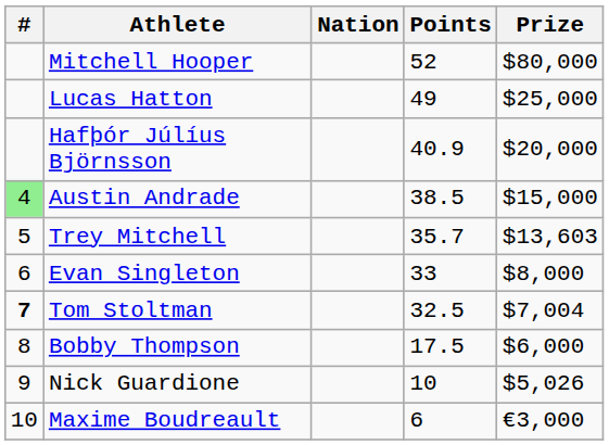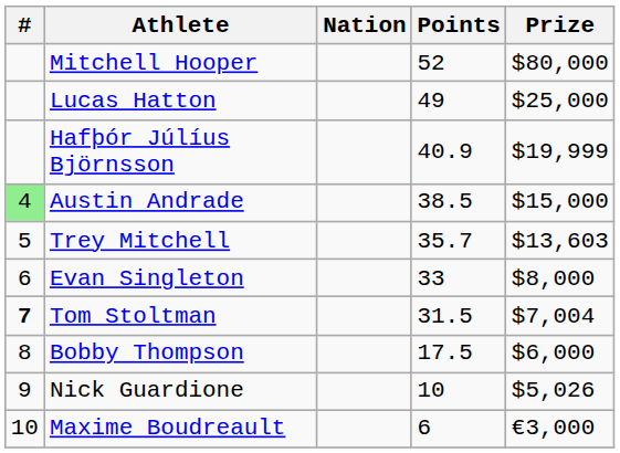 <table class="wikitable" style="display: inline-table;width: 55%;">
 <tr>
 <th scope="col">#</th>
 <th scope="col">Athlete</th>
 <th scope="col">Nation</th>
 <th scope="col">Points</th>
 <th scope="col">Prize</th>
 </tr>
 <tr>
 <td align="center"></td>
 <td><a href='#'>Mitchell Hooper</a></td>
 <td></td>
 <td>52</td>
 <td>$80,000</td>
 </tr>
 <tr>
 <td align="center"></td>
 <td><a href='#'>Lucas Hatton</a></td>
 <td></td>
 <td>49</td>
 <td>$25,000</td>
 </tr>
 <tr>
 <td align="center"></td>
 <td><a href='#'>Hafþór Júlíus Björnsson</a></td>
 <td></td>
 <td>40.9</td>
-<td>$20,000</td>
+<td>$19,999</td>
 </tr>
 <tr>
 <td align="center" style="background: lightgreen;">4</td>
 <td><a href='#'>Austin Andrade</a></td>
 <td></td>
 <td>38.5</td>
 <td>$15,000</td>
 </tr>
 <tr>
 <td align="center">5</td>
 <td><a href='#'>Trey Mitchell</a></td>
 <td></td>
 <td>35.7</td>
 <td>$13,603</td>
 </tr>
 <tr>
 <td align="center">6</td>
 <td><a href='#'>Evan Singleton</a></td>
 <td></td>
 <td>33</td>
 <td>$8,000</td>
 </tr>
 <tr>
 <td align="center"><strong>7</strong></td>
 <td><a href='#'>Tom Stoltman</a></td>
 <td></td>
-<td>32.5</td>
+<td>31.5</td>
 <td>$7,004</td>
 </tr>
 <tr>
 <td align="center">8</td>
 <td><a href='#'>Bobby Thompson</a></td>
 <td></td>
 <td>17.5</td>
 <td>$6,000</td>
 </tr>
 <tr>
 <td align="center">9</td>
 <td>Nick Guardione</td>
 <td></td>
 <td>10</td>
 <td>$5,026</td>
 </tr>
 <tr>
 <td align="center">10</td>
 <td><a href='#'>Maxime Boudreault</a></td>
 <td></td>
 <td>6</td>
 <td>€3,000</td>
 </tr>
 </table>
